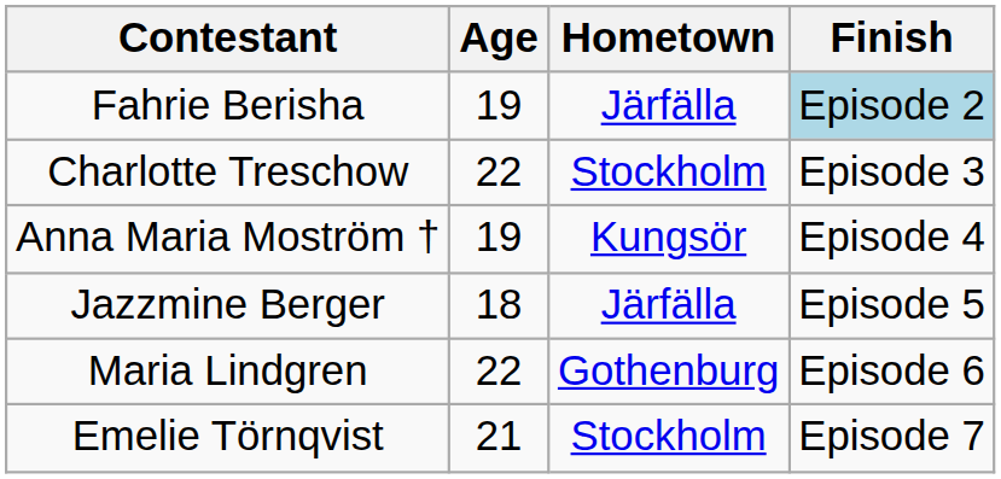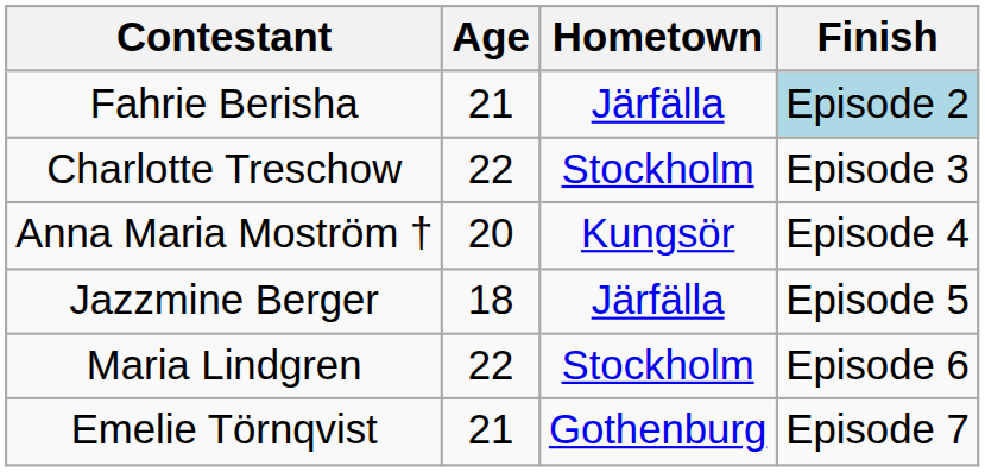 <table class="wikitable" style="text-align:center;">
 <tr>
 <th colspan="1">Contestant</th>
 <th colspan="1">Age</th>
 <th colspan="1">Hometown</th>
 <th>Finish</th>
 </tr>
 <tr>
 <td>Fahrie Berisha</td>
-<td>19</td>
+<td>21</td>
 <td><a href='#'>Järfälla</a></td>
 <td style="background: lightblue;">Episode 2</td>
 </tr>
 <tr>
 <td>Charlotte Treschow</td>
 <td>22</td>
 <td><a href='#'>Stockholm</a></td>
 <td>Episode 3</td>
 </tr>
 <tr>
 <td>Anna Maria Moström †</td>
-<td>19</td>
+<td>20</td>
 <td><a href='#'>Kungsör</a></td>
 <td>Episode 4</td>
 </tr>
 <tr>
 <td>Jazzmine Berger</td>
 <td>18</td>
 <td><a href='#'>Järfälla</a></td>
 <td>Episode 5</td>
 </tr>
 <tr>
 <td>Maria Lindgren</td>
 <td>22</td>
-<td><a href='#'>Gothenburg</a></td>
+<td><a href='#'>Stockholm</a></td>
 <td>Episode 6</td>
 </tr>
 <tr>
 <td>Emelie Törnqvist</td>
 <td>21</td>
-<td><a href='#'>Stockholm</a></td>
+<td><a href='#'>Gothenburg</a></td>
 <td>Episode 7</td>
 </tr>
 </table>
